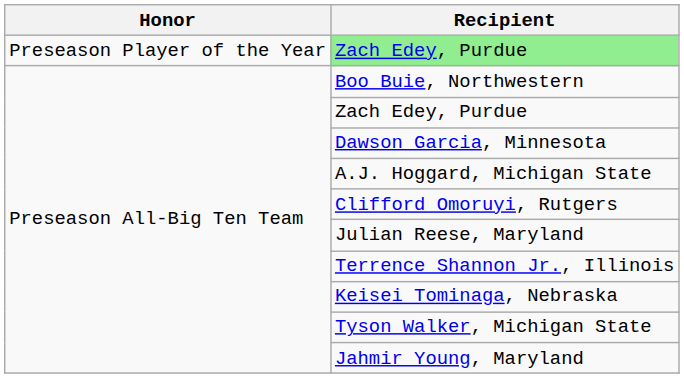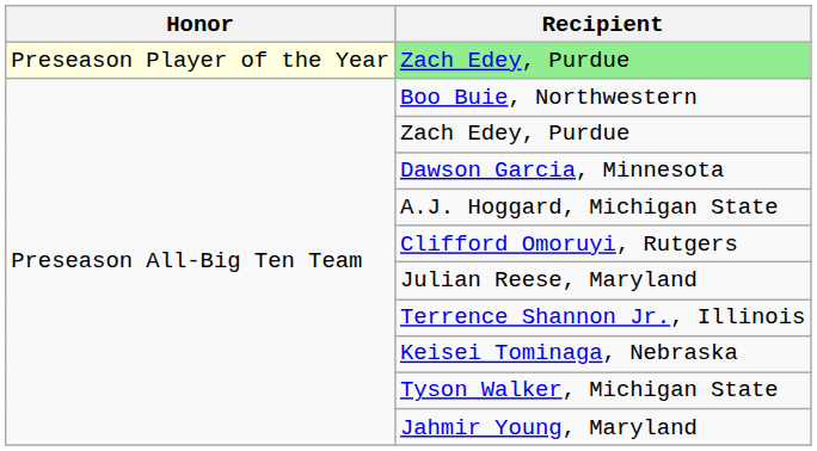 <table class="wikitable" border="1">
 <tr>
 <th>Honor</th>
 <th>Recipient</th>
 </tr>
 <tr>
-<td>Preseason Player of the Year</td>
+<td style="background: lightyellow;">Preseason Player of the Year</td>
 <td style="background: lightgreen;"><a href='#'>Zach Edey</a>, Purdue</td>
 </tr>
 <tr>
 <td rowspan="10" valign="middle">Preseason All-Big Ten Team</td>
 <td><a href='#'>Boo Buie</a>, Northwestern</td>
 </tr>
 <tr>
 <td>Zach Edey, Purdue</td>
 </tr>
 <tr>
 <td><a href='#'>Dawson Garcia</a>, Minnesota</td>
 </tr>
 <tr>
 <td>A.J. Hoggard, Michigan State</td>
 </tr>
 <tr>
 <td><a href='#'>Clifford Omoruyi</a>, Rutgers</td>
 </tr>
 <tr>
 <td>Julian Reese, Maryland</td>
 </tr>
 <tr>
 <td><a href='#'>Terrence Shannon Jr.</a>, Illinois</td>
 </tr>
 <tr>
 <td><a href='#'>Keisei Tominaga</a>, Nebraska</td>
 </tr>
 <tr>
 <td><a href='#'>Tyson Walker</a>, Michigan State</td>
 </tr>
 <tr>
 <td><a href='#'>Jahmir Young</a>, Maryland</td>
 </tr>
 </table>
